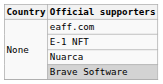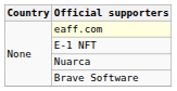 <table class="wikitable" style="text-align:left;">
 <tr>
 <th>Country</th>
 <th>Official supporters</th>
 </tr>
 <tr>
 <td rowspan="4">None</td>
-<td> eaff.com</td>
+<td style="background: lightyellow;"> eaff.com</td>
 </tr>
 <tr>
 <td> E-1 NFT</td>
 </tr>
 <tr>
 <td> Nuarca</td>
 </tr>
 <tr>
-<td style="background: lightgrey;"> Brave Software</td>
+<td> Brave Software</td>
 </tr>
 <tr>
 </tr>
 </table>
